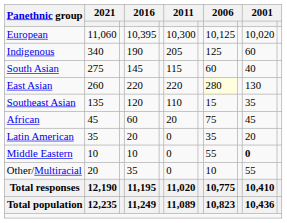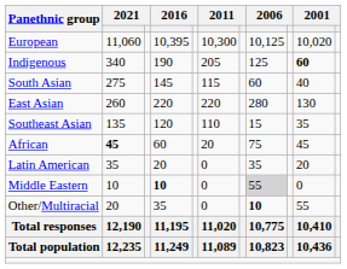 <table class="wikitable collapsible sortable">
 <tr>
 <th rowspan="2"><a href='#'>Panethnic</a> group</th>
 <th colspan="2">2021</th>
 <th colspan="2">2016</th>
 <th colspan="2">2011</th>
 <th colspan="2">2006</th>
 <th colspan="2">2001</th>
 </tr>
 <tr>
 <th><a href='#'></a></th>
 <th></th>
 <th></th>
 <th></th>
 <th></th>
 <th></th>
 <th></th>
 <th></th>
 <th></th>
 <th></th>
 </tr>
 <tr>
 <td><a href='#'>European</a></td>
 <td>11,060</td>
 <td></td>
 <td>10,395</td>
 <td></td>
 <td>10,300</td>
 <td></td>
 <td>10,125</td>
 <td></td>
 <td>10,020</td>
 <td></td>
 </tr>
 <tr>
 <td><a href='#'>Indigenous</a></td>
 <td>340</td>
 <td></td>
 <td>190</td>
 <td></td>
 <td>205</td>
 <td></td>
 <td>125</td>
 <td></td>
-<td>60</td>
+<td><strong>60</strong></td>
 <td></td>
 </tr>
 <tr>
 <td><a href='#'>South Asian</a></td>
 <td>275</td>
 <td></td>
 <td>145</td>
 <td></td>
 <td>115</td>
 <td></td>
 <td>60</td>
 <td></td>
 <td>40</td>
 <td></td>
 </tr>
 <tr>
 <td><a href='#'>East Asian</a></td>
 <td>260</td>
 <td></td>
 <td>220</td>
 <td></td>
 <td>220</td>
 <td></td>
-<td style="background: lightyellow;">280</td>
+<td>280</td>
 <td></td>
 <td>130</td>
 <td></td>
 </tr>
 <tr>
 <td><a href='#'>Southeast Asian</a></td>
 <td>135</td>
 <td></td>
 <td>120</td>
 <td></td>
 <td>110</td>
 <td></td>
 <td>15</td>
 <td></td>
 <td>35</td>
 <td></td>
 </tr>
 <tr>
 <td><a href='#'>African</a></td>
-<td>45</td>
+<td><strong>45</strong></td>
 <td></td>
 <td>60</td>
 <td></td>
 <td>20</td>
 <td></td>
 <td>75</td>
 <td></td>
 <td>45</td>
 <td></td>
 </tr>
 <tr>
 <td><a href='#'>Latin American</a></td>
 <td>35</td>
 <td></td>
 <td>20</td>
 <td></td>
 <td>0</td>
 <td></td>
 <td>35</td>
 <td></td>
 <td>20</td>
 <td></td>
 </tr>
 <tr>
 <td><a href='#'>Middle Eastern</a></td>
 <td>10</td>
 <td></td>
-<td>10</td>
+<td><strong>10</strong></td>
 <td></td>
 <td>0</td>
 <td></td>
-<td>55</td>
+<td style="background: lightgrey;">55</td>
 <td></td>
-<td><strong>0</strong></td>
+<td>0</td>
 <td></td>
 </tr>
 <tr>
 <td>Other/<a href='#'>Multiracial</a></td>
 <td>20</td>
 <td></td>
 <td>35</td>
 <td></td>
 <td>0</td>
 <td></td>
-<td>10</td>
+<td><strong>10</strong></td>
 <td></td>
 <td>55</td>
 <td></td>
 </tr>
 <tr class="sortbottom">
 <th>Total responses</th>
 <th>12,190</th>
 <th></th>
 <th>11,195</th>
 <th></th>
 <th>11,020</th>
 <th></th>
 <th>10,775</th>
 <th></th>
 <th>10,410</th>
 <th></th>
 </tr>
 <tr class="sortbottom">
 <th>Total population</th>
 <th>12,235</th>
 <th></th>
 <th>11,249</th>
 <th></th>
 <th>11,089</th>
 <th></th>
 <th>10,823</th>
 <th></th>
 <th>10,436</th>
 <th></th>
 </tr>
 <tr class="sortbottom">
 <td colspan="11"></td>
 </tr>
 </table>
